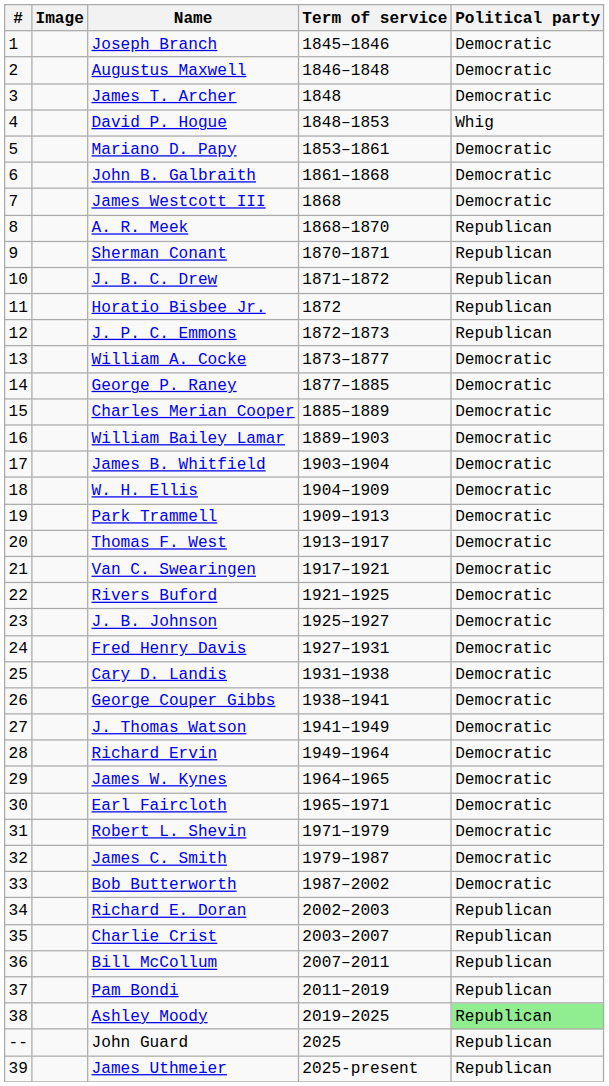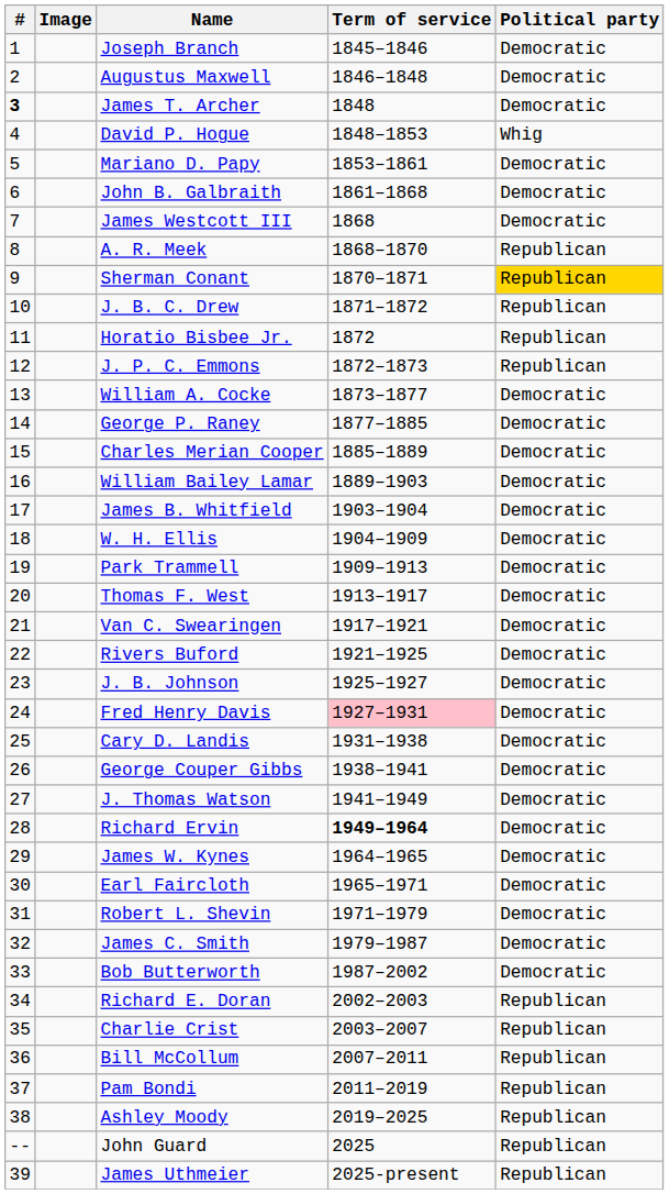 <table class="wikitable sortable">
 <tr>
 <th>#</th>
 <th>Image</th>
 <th>Name</th>
 <th>Term of service</th>
 <th>Political party</th>
 </tr>
 <tr>
 <td>1</td>
 <td></td>
 <td><a href='#'>Joseph Branch</a></td>
 <td>1845–1846</td>
 <td>Democratic</td>
 </tr>
 <tr>
 <td>2</td>
 <td></td>
 <td><a href='#'>Augustus Maxwell</a></td>
 <td>1846–1848</td>
 <td>Democratic</td>
 </tr>
 <tr>
-<td>3</td>
+<td><strong>3</strong></td>
 <td></td>
 <td><a href='#'>James T. Archer</a></td>
 <td>1848</td>
 <td>Democratic</td>
 </tr>
 <tr>
 <td>4</td>
 <td></td>
 <td><a href='#'>David P. Hogue</a></td>
 <td>1848–1853</td>
 <td>Whig</td>
 </tr>
 <tr>
 <td>5</td>
 <td></td>
 <td><a href='#'>Mariano D. Papy</a></td>
 <td>1853–1861</td>
 <td>Democratic</td>
 </tr>
 <tr>
 <td>6</td>
 <td></td>
 <td><a href='#'>John B. Galbraith</a></td>
 <td>1861–1868</td>
 <td>Democratic</td>
 </tr>
 <tr>
 <td>7</td>
 <td></td>
 <td><a href='#'>James Westcott III</a></td>
 <td>1868</td>
 <td>Democratic</td>
 </tr>
 <tr>
 <td>8</td>
 <td></td>
 <td><a href='#'>A. R. Meek</a></td>
 <td>1868–1870</td>
 <td>Republican</td>
 </tr>
 <tr>
 <td>9</td>
 <td></td>
 <td><a href='#'>Sherman Conant</a></td>
 <td>1870–1871</td>
-<td>Republican</td>
+<td style="background: gold;">Republican</td>
 </tr>
 <tr>
 <td>10</td>
 <td></td>
 <td><a href='#'>J. B. C. Drew</a></td>
 <td>1871–1872</td>
 <td>Republican</td>
 </tr>
 <tr>
 <td>11</td>
 <td></td>
 <td><a href='#'>Horatio Bisbee Jr.</a></td>
 <td>1872</td>
 <td>Republican</td>
 </tr>
 <tr>
 <td>12</td>
 <td></td>
 <td><a href='#'>J. P. C. Emmons</a></td>
 <td>1872–1873</td>
 <td>Republican</td>
 </tr>
 <tr>
 <td>13</td>
 <td></td>
 <td><a href='#'>William A. Cocke</a></td>
 <td>1873–1877</td>
 <td>Democratic</td>
 </tr>
 <tr>
 <td>14</td>
 <td></td>
 <td><a href='#'>George P. Raney</a></td>
 <td>1877–1885</td>
 <td>Democratic</td>
 </tr>
 <tr>
 <td>15</td>
 <td></td>
 <td><a href='#'>Charles Merian Cooper</a></td>
 <td>1885–1889</td>
 <td>Democratic</td>
 </tr>
 <tr>
 <td>16</td>
 <td></td>
 <td><a href='#'>William Bailey Lamar</a></td>
 <td>1889–1903</td>
 <td>Democratic</td>
 </tr>
 <tr>
 <td>17</td>
 <td></td>
 <td><a href='#'>James B. Whitfield</a></td>
 <td>1903–1904</td>
 <td>Democratic</td>
 </tr>
 <tr>
 <td>18</td>
 <td></td>
 <td><a href='#'>W. H. Ellis</a></td>
 <td>1904–1909</td>
 <td>Democratic</td>
 </tr>
 <tr>
 <td>19</td>
 <td></td>
 <td><a href='#'>Park Trammell</a></td>
 <td>1909–1913</td>
 <td>Democratic</td>
 </tr>
 <tr>
 <td>20</td>
 <td></td>
 <td><a href='#'>Thomas F. West</a></td>
 <td>1913–1917</td>
 <td>Democratic</td>
 </tr>
 <tr>
 <td>21</td>
 <td></td>
 <td><a href='#'>Van C. Swearingen</a></td>
 <td>1917–1921</td>
 <td>Democratic</td>
 </tr>
 <tr>
 <td>22</td>
 <td></td>
 <td><a href='#'>Rivers Buford</a></td>
 <td>1921–1925</td>
 <td>Democratic</td>
 </tr>
 <tr>
 <td>23</td>
 <td></td>
 <td><a href='#'>J. B. Johnson</a></td>
 <td>1925–1927</td>
 <td>Democratic</td>
 </tr>
 <tr>
 <td>24</td>
 <td></td>
 <td><a href='#'>Fred Henry Davis</a></td>
-<td>1927–1931</td>
+<td style="background: pink;">1927–1931</td>
 <td>Democratic</td>
 </tr>
 <tr>
 <td>25</td>
 <td></td>
 <td><a href='#'>Cary D. Landis</a></td>
 <td>1931–1938</td>
 <td>Democratic</td>
 </tr>
 <tr>
 <td>26</td>
 <td></td>
 <td><a href='#'>George Couper Gibbs</a></td>
 <td>1938–1941</td>
 <td>Democratic</td>
 </tr>
 <tr>
 <td>27</td>
 <td></td>
 <td><a href='#'>J. Thomas Watson</a></td>
 <td>1941–1949</td>
 <td>Democratic</td>
 </tr>
 <tr>
 <td>28</td>
 <td></td>
 <td><a href='#'>Richard Ervin</a></td>
-<td>1949–1964</td>
+<td><strong>1949–1964</strong></td>
 <td>Democratic</td>
 </tr>
 <tr>
 <td>29</td>
 <td></td>
 <td><a href='#'>James W. Kynes</a></td>
 <td>1964–1965</td>
 <td>Democratic</td>
 </tr>
 <tr>
 <td>30</td>
 <td></td>
 <td><a href='#'>Earl Faircloth</a></td>
 <td>1965–1971</td>
 <td>Democratic</td>
 </tr>
 <tr>
 <td>31</td>
 <td></td>
 <td><a href='#'>Robert L. Shevin</a></td>
 <td>1971–1979</td>
 <td>Democratic</td>
 </tr>
 <tr>
 <td>32</td>
 <td></td>
 <td><a href='#'>James C. Smith</a></td>
 <td>1979–1987</td>
 <td>Democratic</td>
 </tr>
 <tr>
 <td>33</td>
 <td></td>
 <td><a href='#'>Bob Butterworth</a></td>
 <td>1987–2002</td>
 <td>Democratic</td>
 </tr>
 <tr>
 <td>34</td>
 <td></td>
 <td><a href='#'>Richard E. Doran</a></td>
 <td>2002–2003</td>
 <td>Republican</td>
 </tr>
 <tr>
 <td>35</td>
 <td></td>
 <td><a href='#'>Charlie Crist</a></td>
 <td>2003–2007</td>
 <td>Republican</td>
 </tr>
 <tr>
 <td>36</td>
 <td></td>
 <td><a href='#'>Bill McCollum</a></td>
 <td>2007–2011</td>
 <td>Republican</td>
 </tr>
 <tr>
 <td>37</td>
 <td></td>
 <td><a href='#'>Pam Bondi</a></td>
 <td>2011–2019</td>
 <td>Republican</td>
 </tr>
 <tr>
 <td>38</td>
 <td></td>
 <td><a href='#'>Ashley Moody</a></td>
 <td>2019–2025</td>
-<td style="background: lightgreen;">Republican</td>
+<td>Republican</td>
 </tr>
 <tr>
 <td>--</td>
 <td></td>
 <td>John Guard<br></td>
 <td>2025</td>
 <td>Republican</td>
 </tr>
 <tr>
 <td>39</td>
 <td></td>
 <td><a href='#'>James Uthmeier</a></td>
 <td>2025-present</td>
 <td>Republican</td>
 </tr>
 <tr>
 </tr>
 </table>
